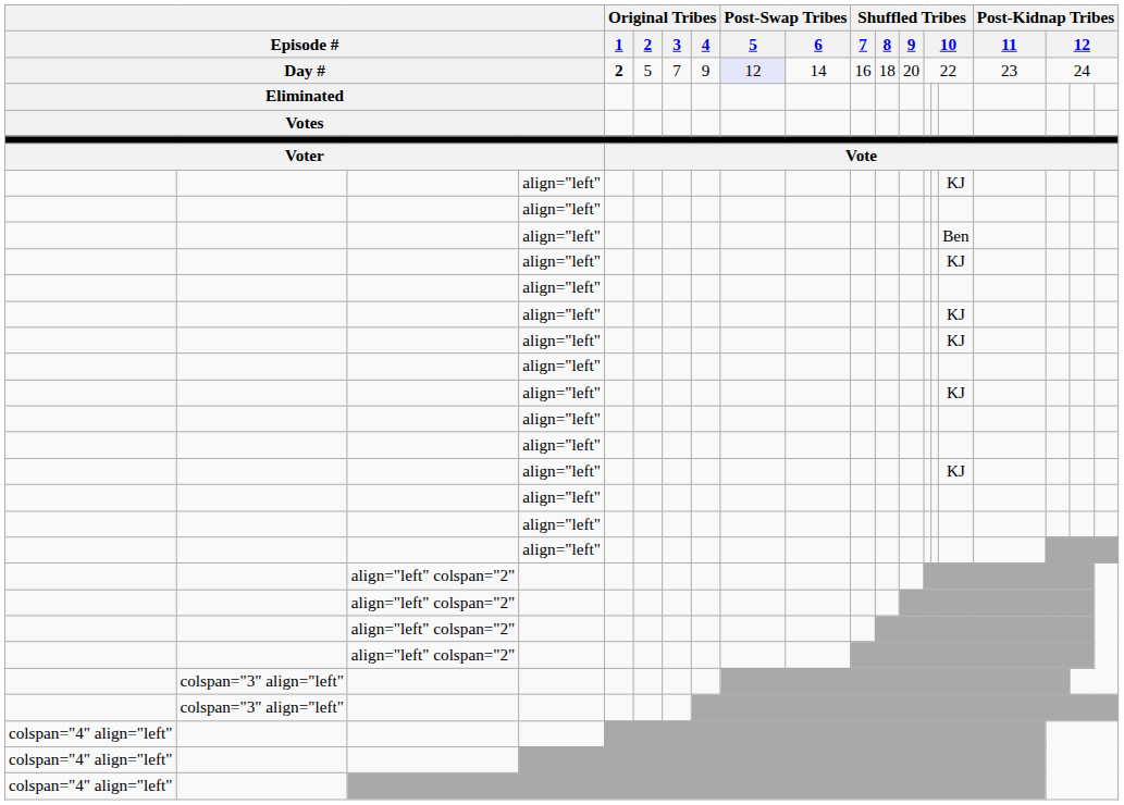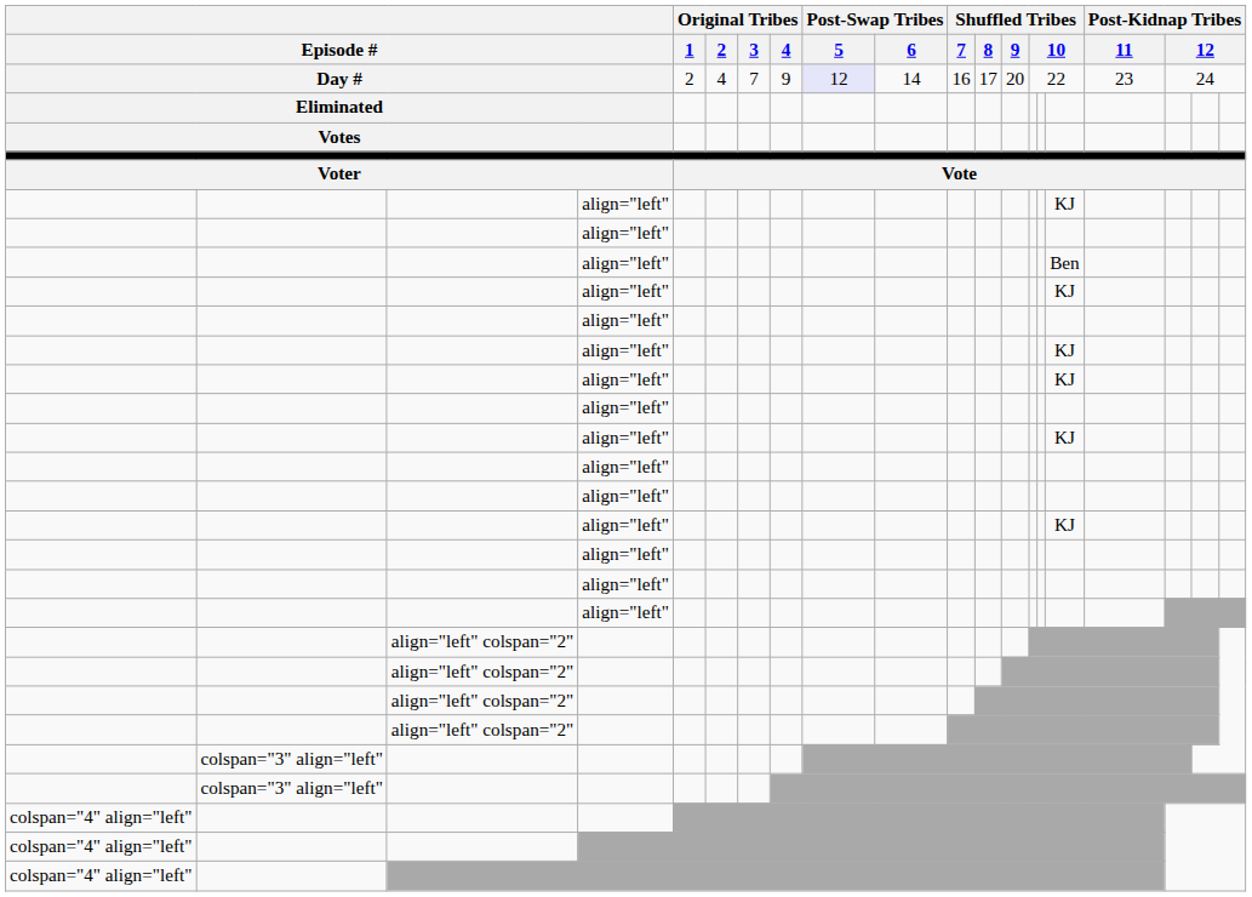 <table class="wikitable" style="text-align:center">
 <tr>
 <th colspan="4"></th>
 <th colspan="4">Original Tribes</th>
 <th colspan="2">Post-Swap Tribes</th>
 <th colspan="6">Shuffled Tribes</th>
 <th colspan="4">Post-Kidnap Tribes</th>
 </tr>
 <tr>
 <th colspan="4">Episode #</th>
 <th><a href='#'>1</a></th>
 <th><a href='#'>2</a></th>
 <th><a href='#'>3</a></th>
 <th><a href='#'>4</a></th>
 <th><a href='#'>5</a></th>
 <th><a href='#'>6</a></th>
 <th><a href='#'>7</a></th>
 <th><a href='#'>8</a></th>
 <th><a href='#'>9</a></th>
 <th colspan="3"><a href='#'>10</a></th>
 <th><a href='#'>11</a></th>
 <th colspan="3"><a href='#'>12</a></th>
 </tr>
 <tr>
 <th colspan="4">Day #</th>
-<td><strong>2</strong></td>
-<td>5</td>
+<td>2</td>
+<td>4</td>
 <td>7</td>
 <td>9</td>
 <td style="background: lavender;">12</td>
 <td>14</td>
 <td>16</td>
-<td>18</td>
+<td>17</td>
 <td>20</td>
 <td colspan="3">22</td>
 <td>23</td>
 <td colspan="3">24</td>
 </tr>
 <tr>
 <th colspan="4">Eliminated</th>
 <td></td>
 <td></td>
 <td></td>
 <td></td>
 <td></td>
 <td></td>
 <td></td>
 <td></td>
 <td></td>
 <td></td>
 <td></td>
 <td></td>
 <td></td>
 <td></td>
 <td></td>
 <td></td>
 </tr>
 <tr>
 <th colspan="4">Votes</th>
 <td></td>
 <td></td>
 <td></td>
 <td></td>
 <td></td>
 <td></td>
 <td></td>
 <td></td>
 <td></td>
 <td></td>
 <td></td>
 <td></td>
 <td></td>
 <td></td>
 <td></td>
 <td></td>
 </tr>
 <tr>
 <td colspan="100" style="background:black"></td>
 </tr>
 <tr>
 <th colspan="4">Voter</th>
 <th colspan="100">Vote</th>
 </tr>
 <tr>
 <td></td>
 <td></td>
 <td></td>
 <td>align="left"  </td>
 <td></td>
 <td></td>
 <td></td>
 <td></td>
 <td></td>
 <td></td>
 <td></td>
 <td></td>
 <td></td>
 <td></td>
 <td></td>
 <td><span>KJ</span></td>
 <td></td>
 <td></td>
 <td></td>
 <td></td>
 </tr>
 <tr>
 <td></td>
 <td></td>
 <td></td>
 <td>align="left"  </td>
 <td></td>
 <td></td>
 <td></td>
 <td></td>
 <td></td>
 <td></td>
 <td></td>
 <td></td>
 <td></td>
 <td></td>
 <td></td>
 <td></td>
 <td></td>
 <td></td>
 <td></td>
 <td></td>
 </tr>
 <tr>
 <td></td>
 <td></td>
 <td></td>
 <td>align="left"  </td>
 <td></td>
 <td></td>
 <td></td>
 <td></td>
 <td></td>
 <td></td>
 <td></td>
 <td></td>
 <td></td>
 <td></td>
 <td></td>
 <td><span>Ben</span></td>
 <td></td>
 <td></td>
 <td></td>
 <td></td>
 </tr>
 <tr>
 <td></td>
 <td></td>
 <td></td>
 <td>align="left"  </td>
 <td></td>
 <td></td>
 <td></td>
 <td></td>
 <td></td>
 <td></td>
 <td></td>
 <td></td>
 <td></td>
 <td></td>
 <td></td>
 <td><span>KJ</span></td>
 <td></td>
 <td></td>
 <td></td>
 <td></td>
 </tr>
 <tr>
 <td></td>
 <td></td>
 <td></td>
 <td>align="left"  </td>
 <td></td>
 <td></td>
 <td></td>
 <td></td>
 <td></td>
 <td></td>
 <td></td>
 <td></td>
 <td></td>
 <td></td>
 <td></td>
 <td></td>
 <td></td>
 <td></td>
 <td></td>
 <td></td>
 </tr>
 <tr>
 <td></td>
 <td></td>
 <td></td>
 <td>align="left"  </td>
 <td></td>
 <td></td>
 <td></td>
 <td></td>
 <td></td>
 <td></td>
 <td></td>
 <td></td>
 <td></td>
 <td></td>
 <td></td>
 <td><span>KJ</span></td>
 <td></td>
 <td></td>
 <td></td>
 <td></td>
 </tr>
 <tr>
 <td></td>
 <td></td>
 <td></td>
 <td>align="left"  </td>
 <td></td>
 <td></td>
 <td></td>
 <td></td>
 <td></td>
 <td></td>
 <td></td>
 <td></td>
 <td></td>
 <td></td>
 <td></td>
 <td><span>KJ</span></td>
 <td></td>
 <td></td>
 <td></td>
 <td></td>
 </tr>
 <tr>
 <td></td>
 <td></td>
 <td></td>
 <td>align="left"  </td>
 <td></td>
 <td></td>
 <td></td>
 <td></td>
 <td></td>
 <td></td>
 <td></td>
 <td></td>
 <td></td>
 <td></td>
 <td></td>
 <td></td>
 <td></td>
 <td></td>
 <td></td>
 <td></td>
 </tr>
 <tr>
 <td></td>
 <td></td>
 <td></td>
 <td>align="left" </td>
 <td></td>
 <td></td>
 <td></td>
 <td></td>
 <td></td>
 <td></td>
 <td></td>
 <td></td>
 <td></td>
 <td></td>
 <td></td>
 <td><span>KJ</span></td>
 <td></td>
 <td></td>
 <td></td>
 <td></td>
 </tr>
 <tr>
 <td></td>
 <td></td>
 <td></td>
 <td>align="left"  </td>
 <td></td>
 <td></td>
 <td></td>
 <td></td>
 <td></td>
 <td></td>
 <td></td>
 <td></td>
 <td></td>
 <td></td>
 <td></td>
 <td></td>
 <td></td>
 <td></td>
 <td></td>
 <td></td>
 </tr>
 <tr>
 <td></td>
 <td></td>
 <td></td>
 <td>align="left"  </td>
 <td></td>
 <td></td>
 <td></td>
 <td></td>
 <td></td>
 <td></td>
 <td></td>
 <td></td>
 <td></td>
 <td></td>
 <td></td>
 <td></td>
 <td></td>
 <td></td>
 <td></td>
 <td></td>
 </tr>
 <tr>
 <td></td>
 <td></td>
 <td></td>
 <td>align="left"  </td>
 <td></td>
 <td></td>
 <td></td>
 <td></td>
 <td></td>
 <td></td>
 <td></td>
 <td></td>
 <td></td>
 <td></td>
 <td></td>
 <td><span>KJ</span></td>
 <td></td>
 <td></td>
 <td></td>
 <td></td>
 </tr>
 <tr>
 <td></td>
 <td></td>
 <td></td>
 <td>align="left"  </td>
 <td></td>
 <td></td>
 <td></td>
 <td></td>
 <td></td>
 <td></td>
 <td></td>
 <td></td>
 <td></td>
 <td></td>
 <td></td>
 <td></td>
 <td></td>
 <td></td>
 <td></td>
 <td></td>
 </tr>
 <tr>
 <td></td>
 <td></td>
 <td></td>
 <td>align="left"  </td>
 <td></td>
 <td></td>
 <td></td>
 <td></td>
 <td></td>
 <td></td>
 <td></td>
 <td></td>
 <td></td>
 <td></td>
 <td></td>
 <td></td>
 <td></td>
 <td></td>
 <td></td>
 <td></td>
 </tr>
 <tr>
 <td></td>
 <td></td>
 <td></td>
 <td>align="left"  </td>
 <td></td>
 <td></td>
 <td></td>
 <td></td>
 <td></td>
 <td></td>
 <td></td>
 <td></td>
 <td></td>
 <td></td>
 <td></td>
 <td></td>
 <td></td>
 <td colspan="3" style="background:darkgray;"></td>
 </tr>
 <tr>
 <td></td>
 <td></td>
 <td>align="left" colspan="2" </td>
 <td></td>
 <td></td>
 <td></td>
 <td></td>
 <td></td>
 <td></td>
 <td></td>
 <td></td>
 <td></td>
 <td></td>
 <td colspan="6" style="background:darkgray;"></td>
 </tr>
 <tr>
 <td></td>
 <td></td>
 <td>align="left" colspan="2" </td>
 <td></td>
 <td></td>
 <td></td>
 <td></td>
 <td></td>
 <td></td>
 <td></td>
 <td></td>
 <td></td>
 <td colspan="7" style="background:darkgray;"></td>
 </tr>
 <tr>
 <td></td>
 <td></td>
 <td>align="left" colspan="2" </td>
 <td></td>
 <td></td>
 <td></td>
 <td></td>
 <td></td>
 <td></td>
 <td></td>
 <td></td>
 <td colspan="8" style="background:darkgray;"></td>
 </tr>
 <tr>
 <td></td>
 <td></td>
 <td>align="left" colspan="2" </td>
 <td></td>
 <td></td>
 <td></td>
 <td></td>
 <td></td>
 <td></td>
 <td></td>
 <td colspan="9" style="background:darkgray;"></td>
 </tr>
 <tr>
 <td></td>
 <td>colspan="3" align="left"  </td>
 <td></td>
 <td></td>
 <td></td>
 <td></td>
 <td></td>
 <td></td>
 <td colspan="10" style="background:darkgray;"></td>
 </tr>
 <tr>
 <td></td>
 <td>colspan="3" align="left"  </td>
 <td></td>
 <td></td>
 <td></td>
 <td></td>
 <td></td>
 <td colspan="100" style="background:darkgray;"></td>
 </tr>
 <tr>
 <td>colspan="4" align="left" </td>
 <td></td>
 <td></td>
 <td></td>
 <td colspan="13" style="background:darkgray;"></td>
 </tr>
 <tr>
 <td>colspan="4" align="left" </td>
 <td></td>
 <td></td>
 <td colspan="14" style="background:darkgray;"></td>
 </tr>
 <tr>
 <td>colspan="4" align="left" </td>
 <td></td>
 <td colspan="15" style="background:darkgray;"></td>
 </tr>
 </table>
